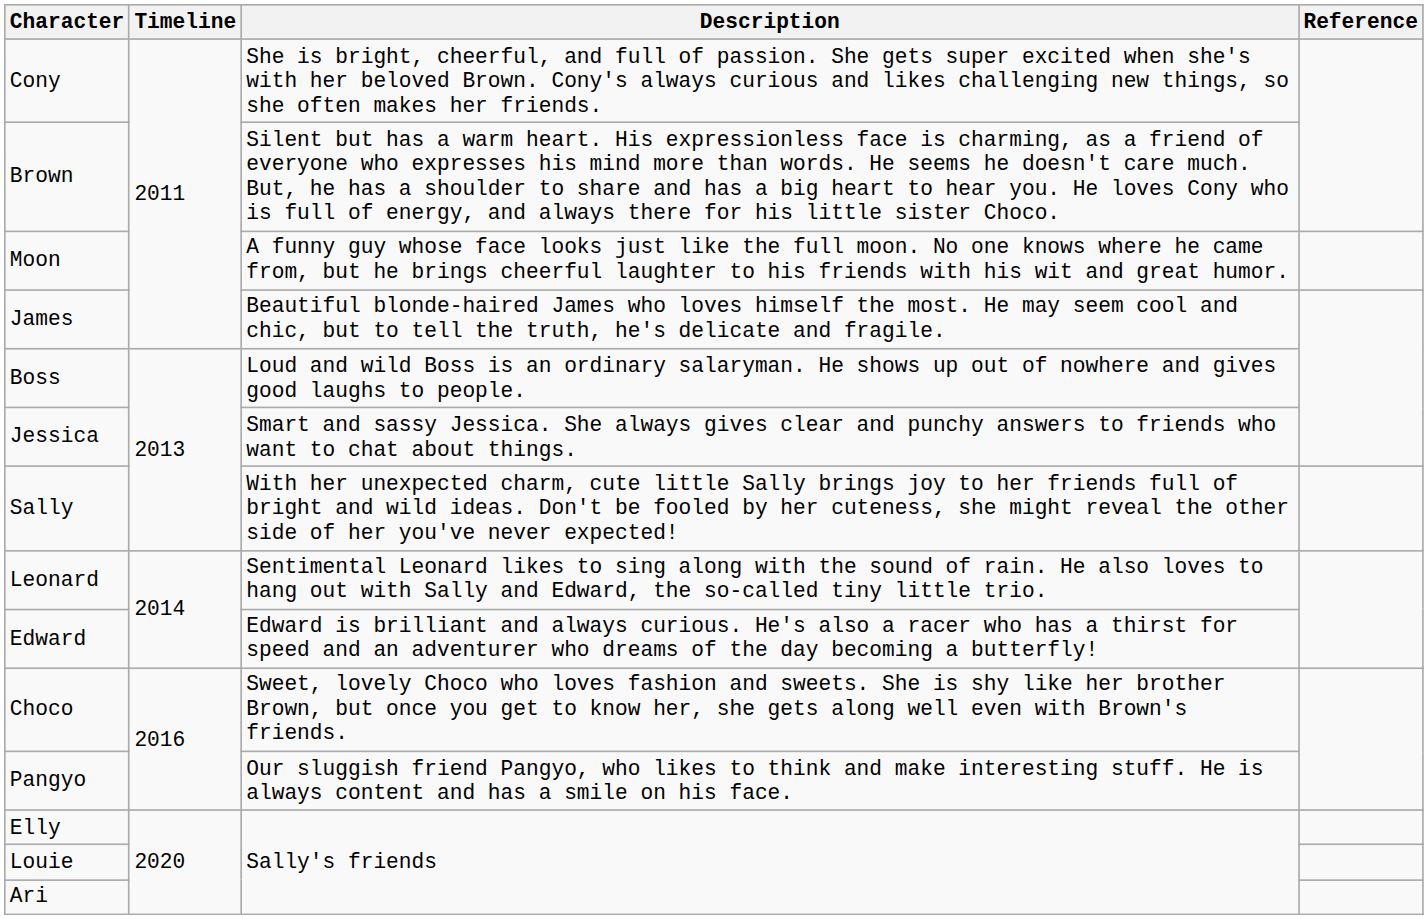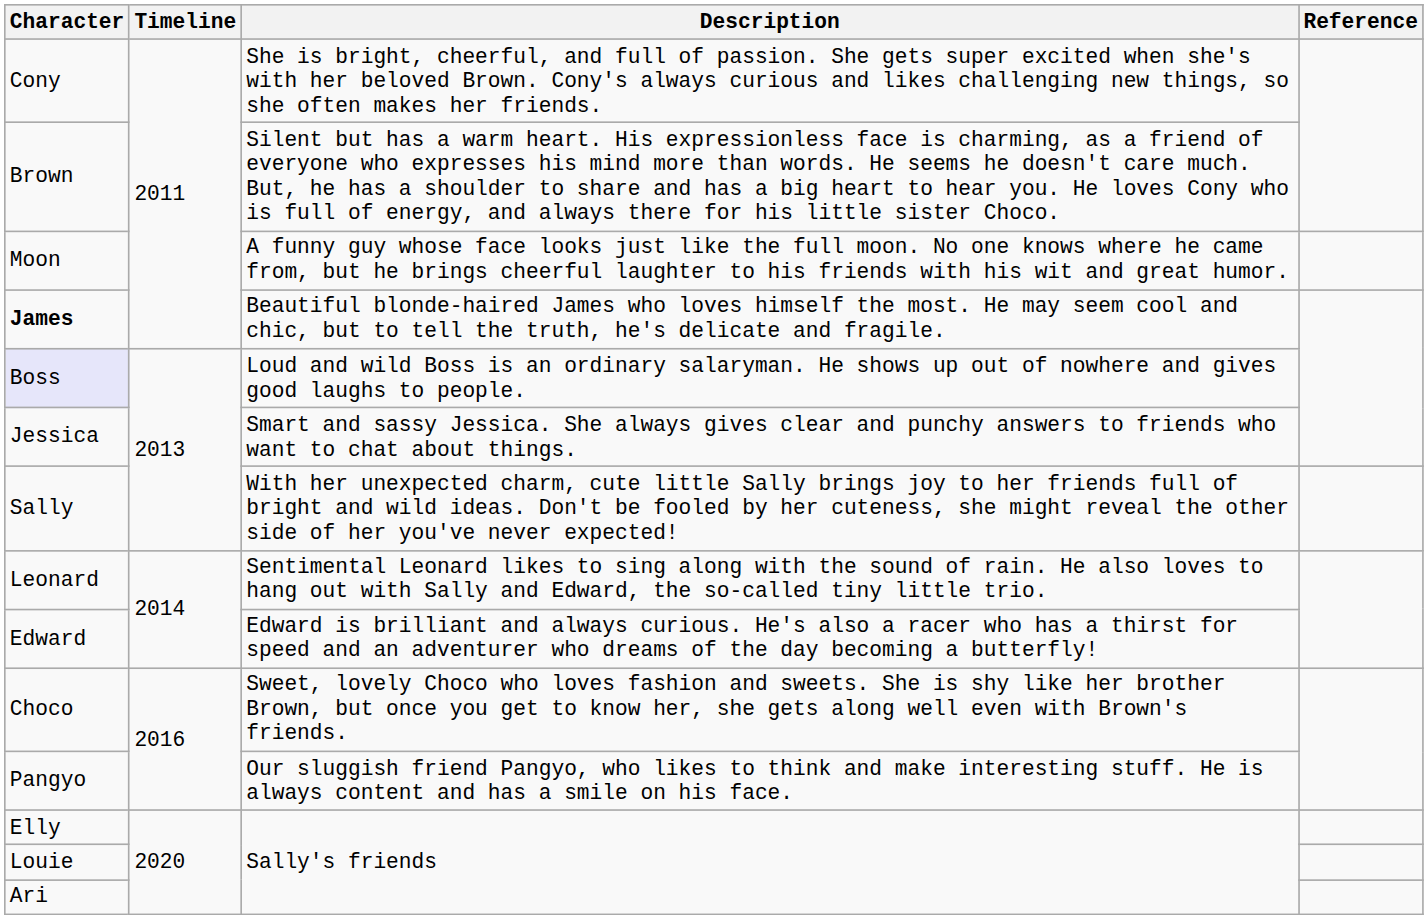 <table class="wikitable">
 <tr>
 <th>Character</th>
 <th>Timeline</th>
 <th>Description</th>
 <th>Reference</th>
 </tr>
 <tr>
 <td>Cony</td>
 <td rowspan="4">2011</td>
 <td>She is bright, cheerful, and full of passion. She gets super excited when she's with her beloved Brown. Cony's always curious and likes challenging new things, so she often makes her friends.</td>
 <td rowspan="2"></td>
 </tr>
 <tr>
 <td>Brown</td>
 <td>Silent but has a warm heart. His expressionless face is charming, as a friend of everyone who expresses his mind more than words. He seems he doesn't care much. But, he has a shoulder to share and has a big heart to hear you. He loves Cony who is full of energy, and always there for his little sister Choco.</td>
 </tr>
 <tr>
 <td>Moon</td>
 <td>A funny guy whose face looks just like the full moon. No one knows where he came from, but he brings cheerful laughter to his friends with his wit and great humor.</td>
 <td></td>
 </tr>
 <tr>
-<td>James</td>
+<td><strong>James</strong></td>
 <td>Beautiful blonde-haired James who loves himself the most. He may seem cool and chic, but to tell the truth, he's delicate and fragile.</td>
 <td rowspan="3"></td>
 </tr>
 <tr>
-<td>Boss</td>
+<td style="background: lavender;">Boss</td>
 <td rowspan="3">2013</td>
 <td>Loud and wild Boss is an ordinary salaryman. He shows up out of nowhere and gives good laughs to people.</td>
 </tr>
 <tr>
 <td>Jessica</td>
 <td>Smart and sassy Jessica. She always gives clear and punchy answers to friends who want to chat about things.</td>
 </tr>
 <tr>
 <td>Sally</td>
 <td>With her unexpected charm, cute little Sally brings joy to her friends full of bright and wild ideas. Don't be fooled by her cuteness, she might reveal the other side of her you've never expected!</td>
 <td></td>
 </tr>
 <tr>
 <td>Leonard</td>
 <td rowspan="2">2014</td>
 <td>Sentimental Leonard likes to sing along with the sound of rain. He also loves to hang out with Sally and Edward, the so-called tiny little trio.</td>
 <td rowspan="2"></td>
 </tr>
 <tr>
 <td>Edward</td>
 <td>Edward is brilliant and always curious. He's also a racer who has a thirst for speed and an adventurer who dreams of the day becoming a butterfly!</td>
 </tr>
 <tr>
 <td>Choco</td>
 <td rowspan="2">2016</td>
 <td>Sweet, lovely Choco who loves fashion and sweets. She is shy like her brother Brown, but once you get to know her, she gets along well even with Brown's friends.</td>
 <td rowspan="2"></td>
 </tr>
 <tr>
 <td>Pangyo</td>
 <td>Our sluggish friend Pangyo, who likes to think and make interesting stuff. He is always content and has a smile on his face.</td>
 </tr>
 <tr>
 <td>Elly</td>
 <td rowspan="3">2020</td>
 <td rowspan="3">Sally's friends</td>
 <td></td>
 </tr>
 <tr>
 <td>Louie</td>
 <td></td>
 </tr>
 <tr>
 <td>Ari</td>
 <td></td>
 </tr>
 </table>
